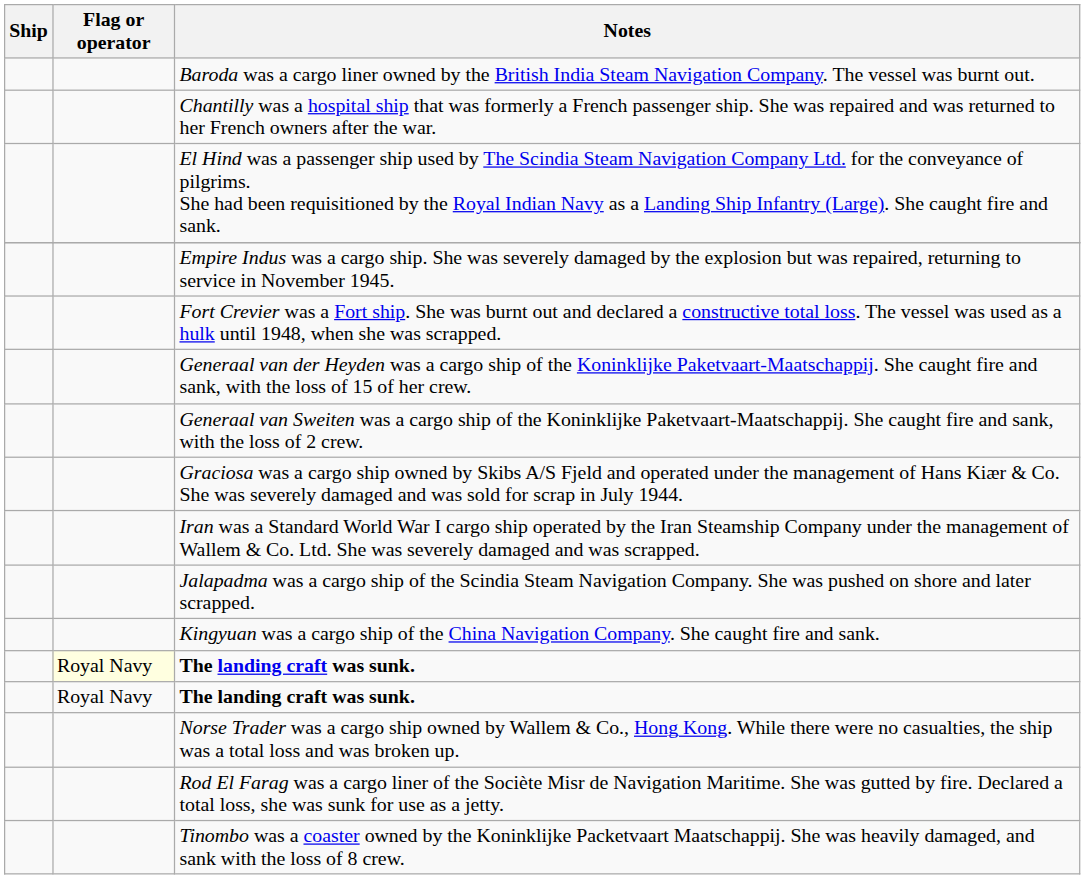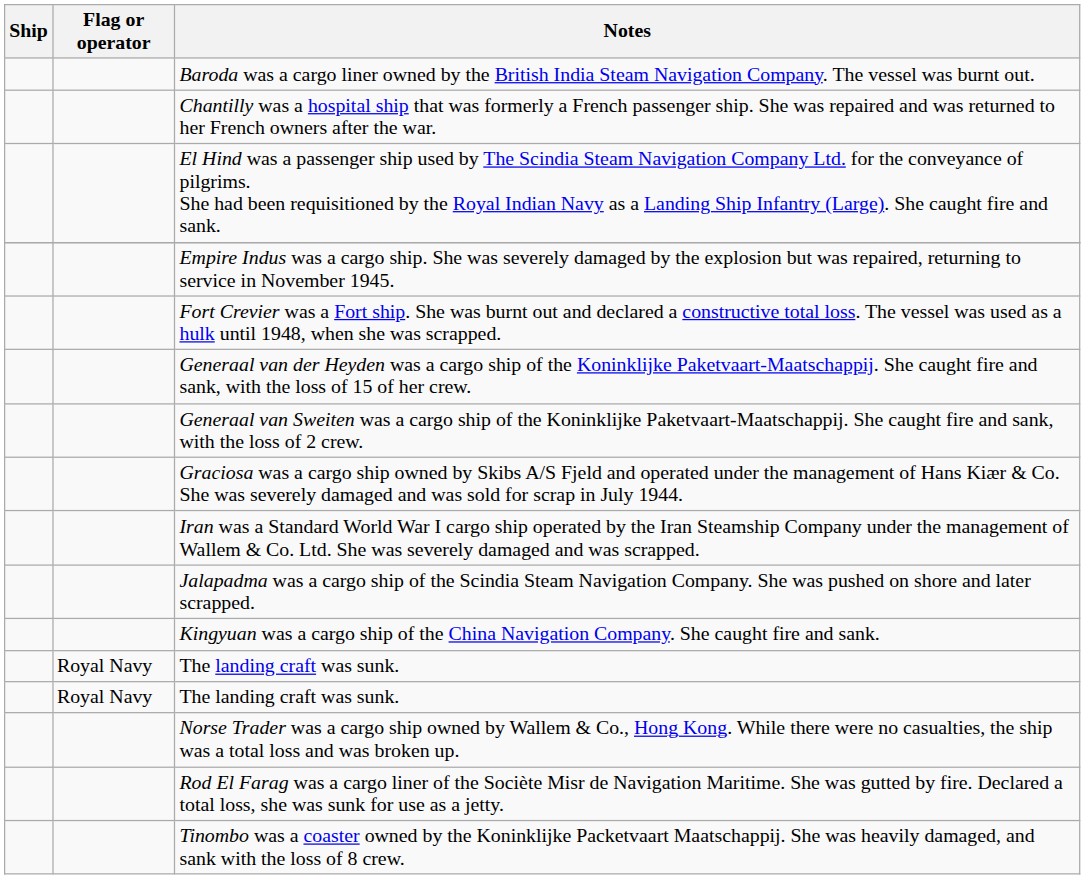 <table class="wikitable" border="1">
 <tr>
 <th>Ship</th>
 <th>Flag or operator</th>
 <th>Notes</th>
 </tr>
 <tr>
 <td></td>
 <td></td>
 <td><em>Baroda</em> was a  cargo liner owned by the <a href='#'>British India Steam Navigation Company</a>. The vessel was burnt out.</td>
 </tr>
 <tr>
 <td></td>
 <td></td>
 <td><em>Chantilly</em> was a  <a href='#'>hospital ship</a> that was formerly a French passenger ship. She was repaired and was returned to her French owners after the war.</td>
 </tr>
 <tr>
 <td></td>
 <td></td>
 <td><em>El Hind</em> was a  passenger ship used by <a href='#'>The Scindia Steam Navigation Company Ltd.</a> for the conveyance of pilgrims.<br>She had been requisitioned by the <a href='#'>Royal Indian Navy</a> as a <a href='#'>Landing Ship Infantry (Large)</a>. She caught fire and sank.</td>
 </tr>
 <tr>
 </tr>
 <tr>
 <td></td>
 <td></td>
 <td><em>Empire Indus</em> was a  cargo ship. She was severely damaged by the explosion but was repaired, returning to service in November 1945.</td>
 </tr>
 <tr>
 <td></td>
 <td></td>
 <td><em>Fort Crevier</em> was a  <a href='#'>Fort ship</a>. She was burnt out and declared a <a href='#'>constructive total loss</a>. The vessel was used as a <a href='#'>hulk</a> until 1948, when she was scrapped.</td>
 </tr>
 <tr>
 <td></td>
 <td></td>
 <td><em>Generaal van der Heyden</em> was a  cargo ship of the <a href='#'>Koninklijke Paketvaart-Maatschappij</a>. She caught fire and sank, with the loss of 15 of her crew.</td>
 </tr>
 <tr>
 <td></td>
 <td></td>
 <td><em>Generaal van Sweiten</em> was a  cargo ship of the Koninklijke Paketvaart-Maatschappij. She caught fire and sank, with the loss of 2 crew.</td>
 </tr>
 <tr>
 <td></td>
 <td></td>
 <td><em>Graciosa</em> was a  cargo ship owned by Skibs A/S Fjeld and operated under the management of Hans Kiær & Co. She was severely damaged and was sold for scrap in July 1944.</td>
 </tr>
 <tr>
 <td></td>
 <td></td>
 <td><em>Iran</em> was a  Standard World War I cargo ship operated by the Iran Steamship Company under the management of Wallem & Co. Ltd. She was severely damaged and was scrapped.</td>
 </tr>
 <tr>
 <td></td>
 <td></td>
 <td><em>Jalapadma</em> was a  cargo ship of the Scindia Steam Navigation Company. She was pushed on shore and later scrapped.</td>
 </tr>
 <tr>
 <td></td>
 <td></td>
 <td><em>Kingyuan</em> was a  cargo ship of the <a href='#'>China Navigation Company</a>. She caught fire and sank.</td>
 </tr>
 <tr>
 <td></td>
-<td style="background: lightyellow;"> Royal Navy</td>
-<td><strong>The <a href='#'>landing craft</a> was sunk.</strong></td>
+<td> Royal Navy</td>
+<td>The <a href='#'>landing craft</a> was sunk.</td>
 </tr>
 <tr>
 <td></td>
 <td> Royal Navy</td>
-<td><strong>The landing craft was sunk.</strong></td>
+<td>The landing craft was sunk.</td>
 </tr>
 <tr>
 <td></td>
 <td></td>
 <td><em>Norse Trader</em> was a  cargo ship owned by Wallem & Co., <a href='#'>Hong Kong</a>. While there were no casualties, the ship was a total loss and was broken up.</td>
 </tr>
 <tr>
 <td></td>
 <td></td>
 <td><em>Rod El Farag</em> was a  cargo liner of the Sociète Misr de Navigation Maritime. She was gutted by fire. Declared a total loss, she was sunk for use as a jetty.</td>
 </tr>
 <tr>
 <td></td>
 <td></td>
 <td><em>Tinombo</em> was a  <a href='#'>coaster</a> owned by the Koninklijke Packetvaart Maatschappij. She was heavily damaged, and sank with the loss of 8 crew.</td>
 </tr>
 </table>
